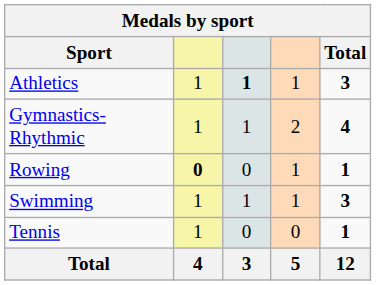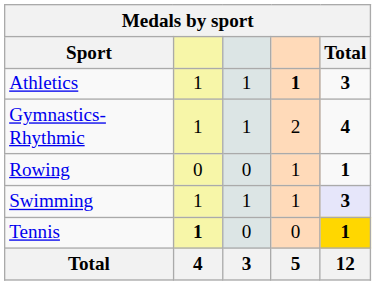 <table class="wikitable" style="font-size:90%; text-align:center;">
 <tr>
 <th colspan=5>Medals by sport</th>
 </tr>
 <tr>
 <th width=120>Sport</th>
 <th scope="col" width=30 style="background:#F7F6A8;"></th>
 <th scope="col" width=30 style="background:#DCE5E5;"></th>
 <th scope="col" width=30 style="background:#FFDAB9;"></th>
 <th width=30>Total</th>
 </tr>
 <tr>
 <td align=left><a href='#'>Athletics</a></td>
 <td style="background:#F7F6A8;">1</td>
-<td style="background:#DCE5E5;"><strong>1</strong></td>
-<td style="background:#FFDAB9;">1</td>
+<td style="background:#DCE5E5;">1</td>
+<td style="background:#FFDAB9;"><strong>1</strong></td>
 <td><strong>3</strong></td>
 </tr>
 <tr>
 <td align=left><a href='#'>Gymnastics-Rhythmic</a></td>
 <td style="background:#F7F6A8;">1</td>
 <td style="background:#DCE5E5;">1</td>
 <td style="background:#FFDAB9;">2</td>
 <td><strong>4</strong></td>
 </tr>
 <tr>
 <td align=left><a href='#'>Rowing</a></td>
-<td style="background:#F7F6A8;"><strong>0</strong></td>
+<td style="background:#F7F6A8;">0</td>
 <td style="background:#DCE5E5;">0</td>
 <td style="background:#FFDAB9;">1</td>
 <td><strong>1</strong></td>
 </tr>
 <tr>
 <td align=left><a href='#'>Swimming</a></td>
 <td style="background:#F7F6A8;">1</td>
 <td style="background:#DCE5E5;">1</td>
 <td style="background:#FFDAB9;">1</td>
-<td><strong>3</strong></td>
+<td style="background: lavender;"><strong>3</strong></td>
 </tr>
 <tr>
 <td align=left><a href='#'>Tennis</a></td>
-<td style="background:#F7F6A8;">1</td>
+<td style="background:#F7F6A8;"><strong>1</strong></td>
 <td style="background:#DCE5E5;">0</td>
 <td style="background:#FFDAB9;">0</td>
-<td><strong>1</strong></td>
+<td style="background: gold;"><strong>1</strong></td>
 </tr>
 <tr class="sortbottom">
 <th>Total</th>
 <th>4</th>
 <th>3</th>
 <th>5</th>
 <th>12</th>
 </tr>
 </table>
